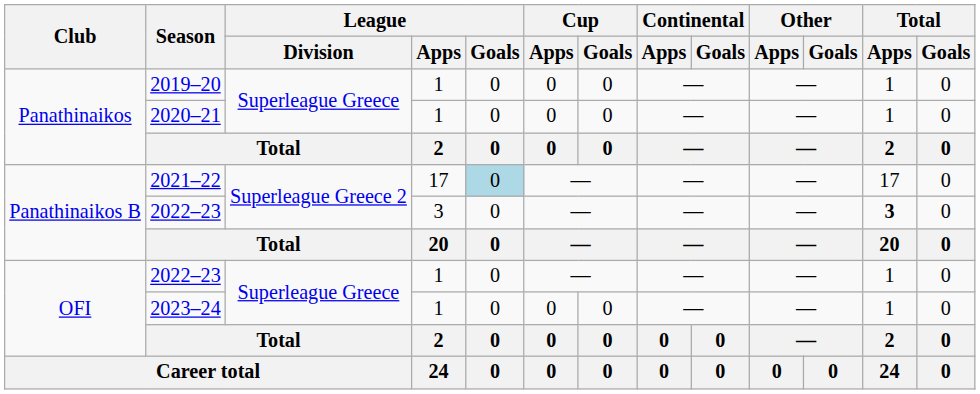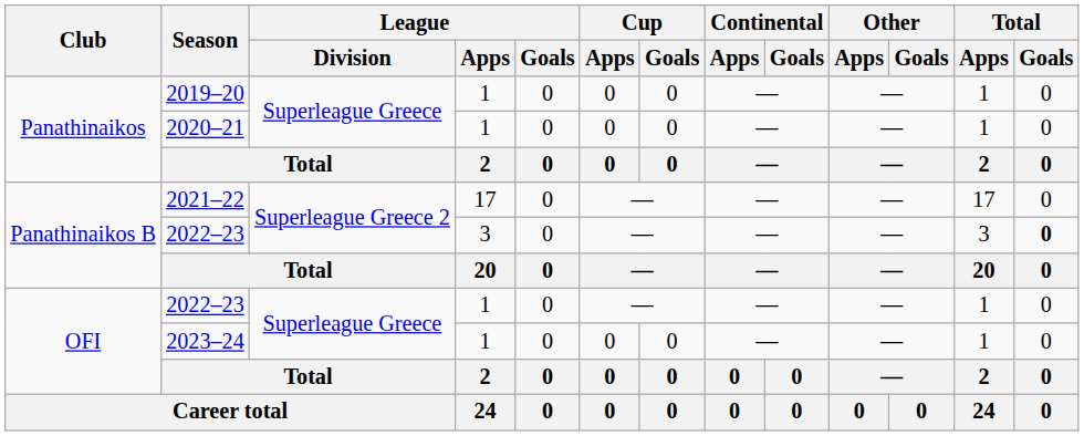 <table class="wikitable" style="text-align:center">
 <tr>
 <th rowspan=2>Club</th>
 <th rowspan=2>Season</th>
 <th colspan=3>League</th>
 <th colspan=2>Cup</th>
 <th colspan=2>Continental</th>
 <th colspan=2>Other</th>
 <th colspan=2>Total</th>
 </tr>
 <tr>
 <th>Division</th>
 <th>Apps</th>
 <th>Goals</th>
 <th>Apps</th>
 <th>Goals</th>
 <th>Apps</th>
 <th>Goals</th>
 <th>Apps</th>
 <th>Goals</th>
 <th>Apps</th>
 <th>Goals</th>
 </tr>
 <tr>
 <td rowspan="3"><a href='#'>Panathinaikos</a></td>
 <td><a href='#'>2019–20</a></td>
 <td rowspan="2"><a href='#'>Superleague Greece</a></td>
 <td>1</td>
 <td>0</td>
 <td>0</td>
 <td>0</td>
 <td colspan="2">—</td>
 <td colspan="2">—</td>
 <td>1</td>
 <td>0</td>
 </tr>
 <tr>
 <td><a href='#'>2020–21</a></td>
 <td>1</td>
 <td>0</td>
 <td>0</td>
 <td>0</td>
 <td colspan="2">—</td>
 <td colspan="2">—</td>
 <td>1</td>
 <td>0</td>
 </tr>
 <tr>
 <th colspan="2">Total</th>
 <th>2</th>
 <th>0</th>
 <th>0</th>
 <th>0</th>
 <th colspan="2">—</th>
 <th colspan="2">—</th>
 <th>2</th>
 <th>0</th>
 </tr>
 <tr>
 <td rowspan="3"><a href='#'>Panathinaikos B</a></td>
 <td><a href='#'>2021–22</a></td>
 <td rowspan="2"><a href='#'>Superleague Greece 2</a></td>
 <td>17</td>
-<td style="background: lightblue;">0</td>
+<td>0</td>
 <td colspan="2">—</td>
 <td colspan="2">—</td>
 <td colspan="2">—</td>
 <td>17</td>
 <td>0</td>
 </tr>
 <tr>
 <td><a href='#'>2022–23</a></td>
 <td>3</td>
 <td>0</td>
 <td colspan="2">—</td>
 <td colspan="2">—</td>
 <td colspan="2">—</td>
-<td><strong>3</strong></td>
-<td>0</td>
+<td>3</td>
+<td><strong>0</strong></td>
 </tr>
 <tr>
 <th colspan="2">Total</th>
 <th>20</th>
 <th>0</th>
 <th colspan="2">—</th>
 <th colspan="2">—</th>
 <th colspan="2">—</th>
 <th>20</th>
 <th>0</th>
 </tr>
 <tr>
 <td rowspan="3"><a href='#'>OFI</a></td>
 <td><a href='#'>2022–23</a></td>
 <td rowspan="2"><a href='#'>Superleague Greece</a></td>
 <td>1</td>
 <td>0</td>
 <td colspan="2">—</td>
 <td colspan="2">—</td>
 <td colspan="2">—</td>
 <td>1</td>
 <td>0</td>
 </tr>
 <tr>
 <td><a href='#'>2023–24</a></td>
 <td>1</td>
 <td>0</td>
 <td>0</td>
 <td>0</td>
 <td colspan="2">—</td>
 <td colspan="2">—</td>
 <td>1</td>
 <td>0</td>
 </tr>
 <tr>
 <th colspan="2">Total</th>
 <th>2</th>
 <th>0</th>
 <th>0</th>
 <th>0</th>
 <th>0</th>
 <th>0</th>
 <th colspan="2">—</th>
 <th>2</th>
 <th>0</th>
 </tr>
 <tr>
 <th colspan="3">Career total</th>
 <th>24</th>
 <th>0</th>
 <th>0</th>
 <th>0</th>
 <th>0</th>
 <th>0</th>
 <th>0</th>
 <th>0</th>
 <th>24</th>
 <th>0</th>
 </tr>
 </table>
